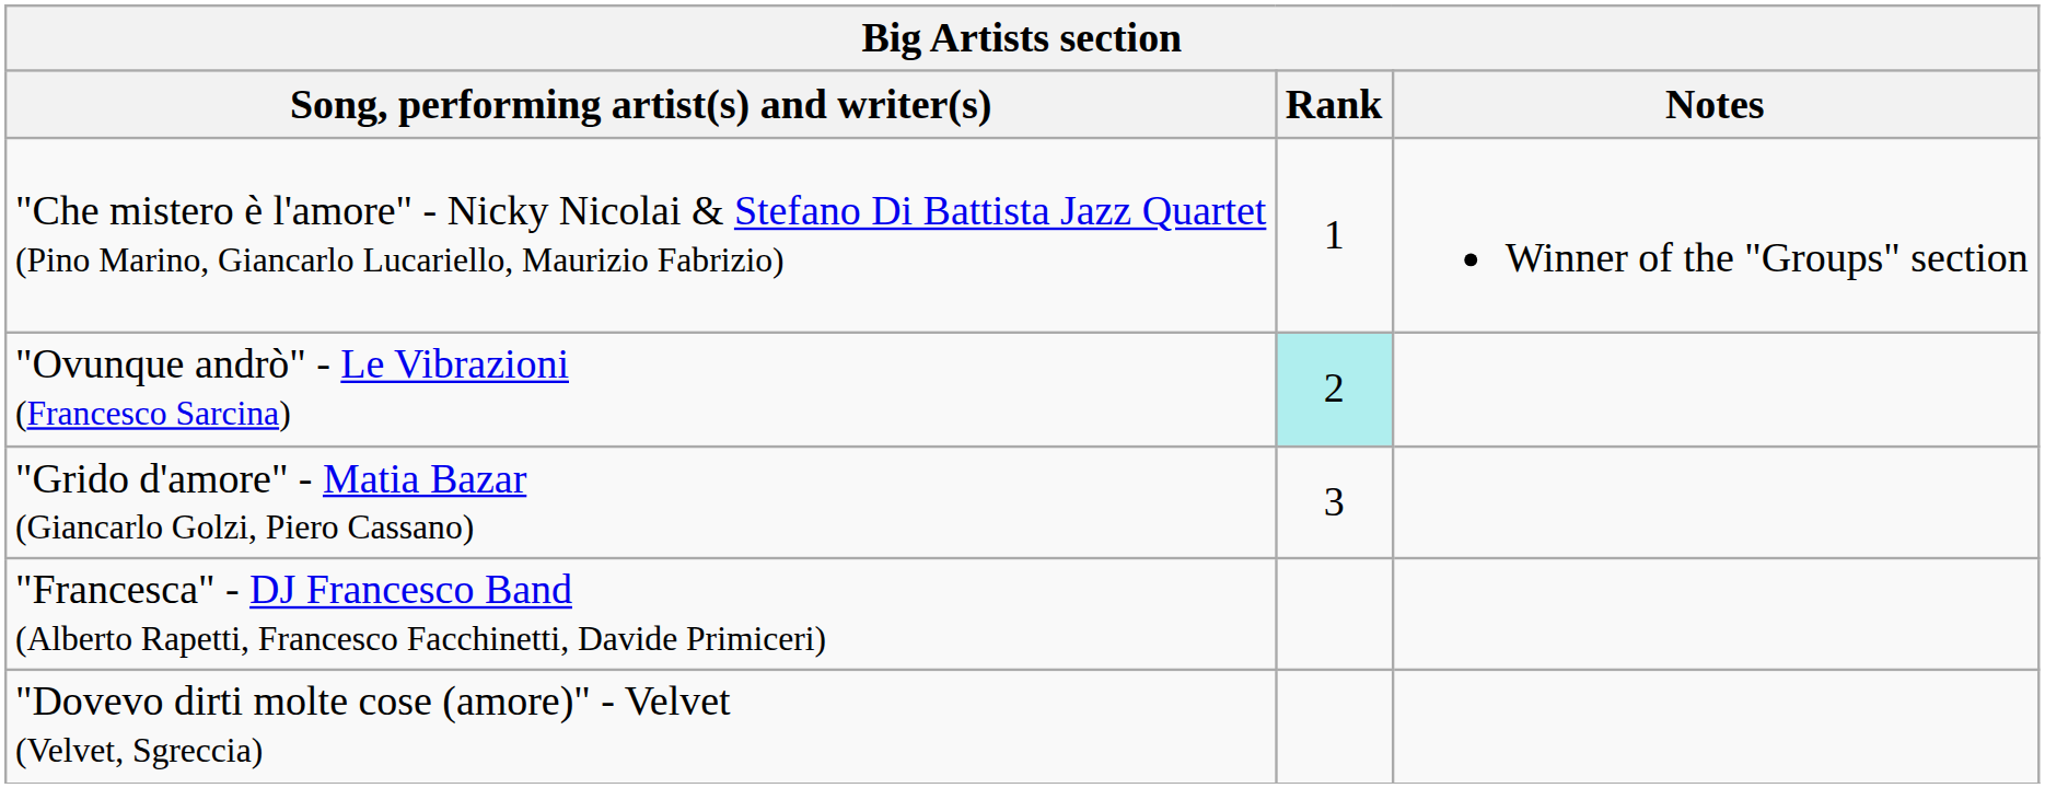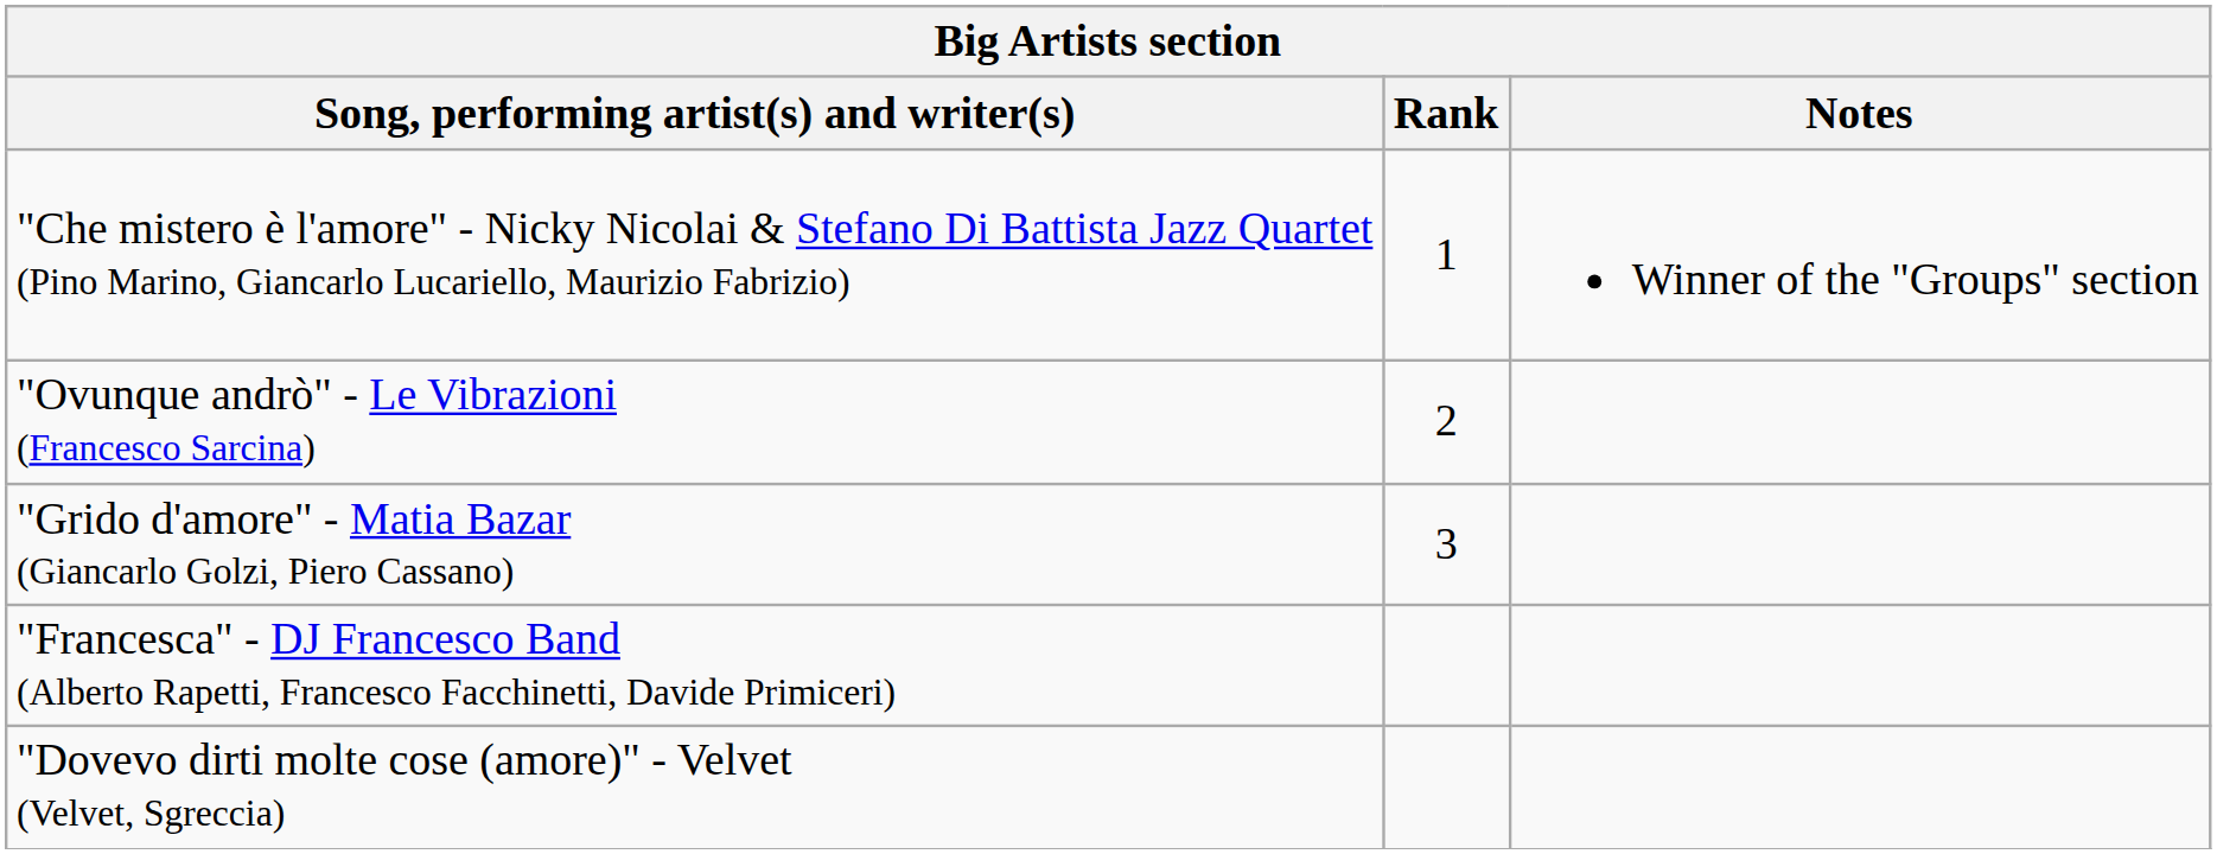 <table class="plainrowheaders wikitable">
 <tr>
 <th colspan="3">Big Artists section </th>
 </tr>
 <tr>
 <th>Song, performing artist(s) and writer(s)</th>
 <th>Rank</th>
 <th>Notes</th>
 </tr>
 <tr>
 <td>"Che mistero è l'amore" - Nicky Nicolai & <a href='#'>Stefano Di Battista Jazz Quartet</a> <br><small> 	 	(Pino Marino, Giancarlo Lucariello, Maurizio Fabrizio)</small></td>
 <td align="center">1</td>
 <td><br><ul><li>Winner of the "Groups" section</li></ul></td>
 </tr>
 <tr>
 <td>"Ovunque andrò" - <a href='#'>Le Vibrazioni</a><br><small> 	(<a href='#'>Francesco Sarcina</a>)	</small></td>
-<td align="center" style="background: paleturquoise;">2</td>
+<td align="center">2</td>
 <td></td>
 </tr>
 <tr>
 <td>"Grido d'amore" - <a href='#'>Matia Bazar</a><br><small> 	(Giancarlo Golzi, Piero Cassano) 	</small></td>
 <td align="center">3</td>
 <td></td>
 </tr>
 <tr>
 <td>"Francesca" -  <a href='#'>DJ Francesco Band</a><br> <small> 	 	(Alberto Rapetti, Francesco Facchinetti, Davide Primiceri) 	</small></td>
 <td></td>
 <td></td>
 </tr>
 <tr>
 <td>"Dovevo dirti molte cose (amore)" -  Velvet<br> <small> 	 	(Velvet, Sgreccia) 	</small></td>
 <td></td>
 <td></td>
 </tr>
 <tr>
 </tr>
 </table>
